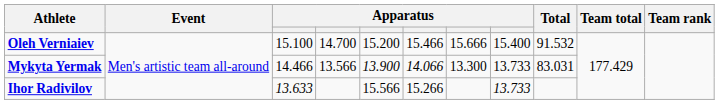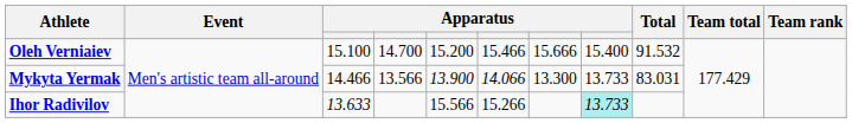 <table class="wikitable" style="font-size:90%">
 <tr>
 <th rowspan=2>Athlete</th>
 <th rowspan=2>Event</th>
 <th colspan=6>Apparatus</th>
 <th rowspan=2>Total</th>
 <th rowspan=2>Team total</th>
 <th rowspan=2>Team rank</th>
 </tr>
 <tr style="font-size:95%">
 <th></th>
 <th></th>
 <th></th>
 <th></th>
 <th></th>
 <th></th>
 </tr>
 <tr align=center>
 <td align=left><strong><a href='#'>Oleh Verniaiev</a></strong></td>
 <td align=left rowspan=3><a href='#'>Men's artistic team all-around</a></td>
 <td>15.100 <strong></strong></td>
 <td>14.700 <strong></strong></td>
 <td>15.200</td>
 <td>15.466 <strong></strong></td>
 <td>15.666 <strong></strong></td>
 <td>15.400 <strong></strong></td>
 <td>91.532 <strong></strong></td>
 <td rowspan=3>177.429</td>
 <td rowspan=3></td>
 </tr>
 <tr align=center>
 <td align=left><strong><a href='#'>Mykyta Yermak</a></strong></td>
 <td>14.466</td>
 <td>13.566</td>
 <td><em>13.900</em></td>
 <td><em>14.066</em></td>
 <td>13.300</td>
 <td>13.733</td>
 <td>83.031</td>
 </tr>
 <tr align=center>
 <td align=left><strong><a href='#'>Ihor Radivilov</a></strong></td>
 <td><em>13.633</em></td>
 <td></td>
 <td>15.566 <strong></strong></td>
 <td>15.266</td>
 <td></td>
-<td><em>13.733</em></td>
+<td style="background: paleturquoise;"><em>13.733</em></td>
 <td></td>
 </tr>
 </table>
